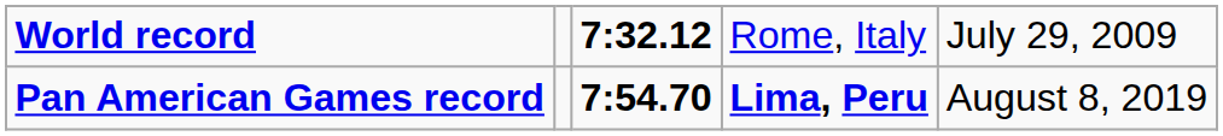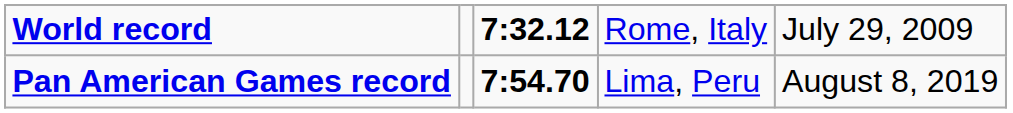 <table class="wikitable">
 <tr>
 <td><strong><a href='#'>World record</a></strong></td>
 <td></td>
 <td><strong>7:32.12</strong></td>
 <td><a href='#'>Rome</a>, <a href='#'>Italy</a></td>
 <td>July 29, 2009</td>
 </tr>
 <tr>
 <td><strong><a href='#'>Pan American Games record</a></strong></td>
 <td></td>
 <td><strong>7:54.70</strong></td>
-<td><strong><a href='#'>Lima</a>, <a href='#'>Peru</a></strong></td>
+<td><a href='#'>Lima</a>, <a href='#'>Peru</a></td>
 <td>August 8, 2019</td>
 </tr>
 </table>
